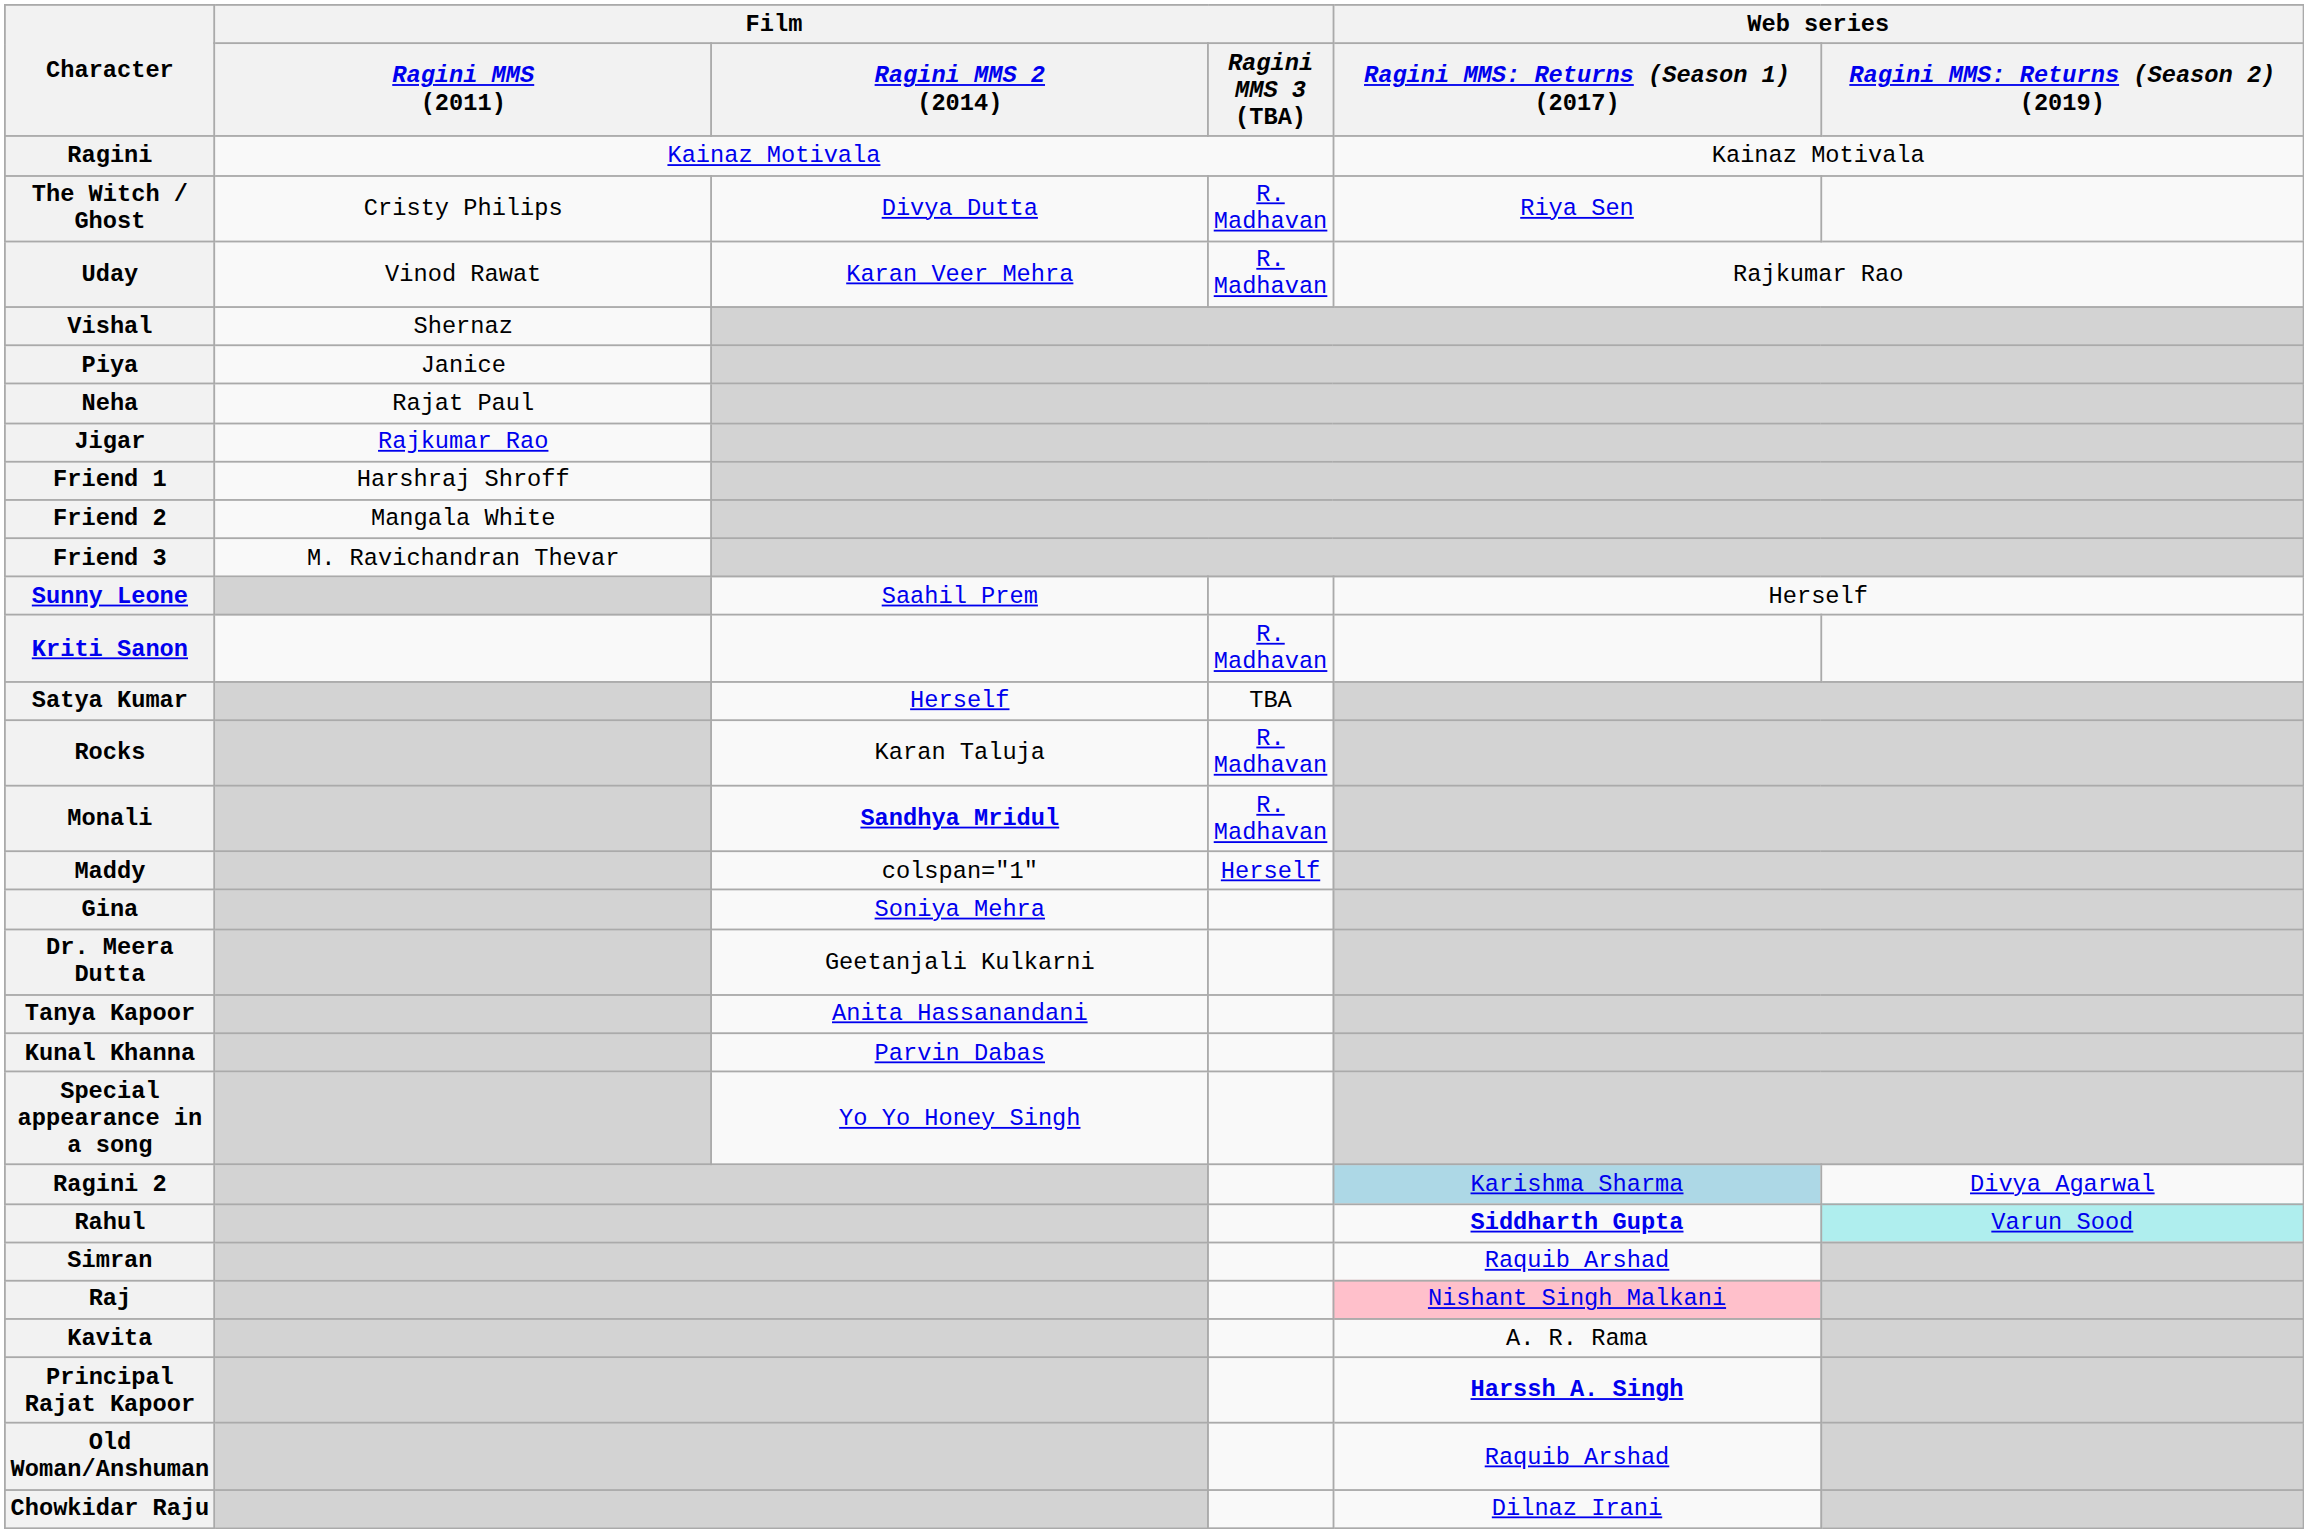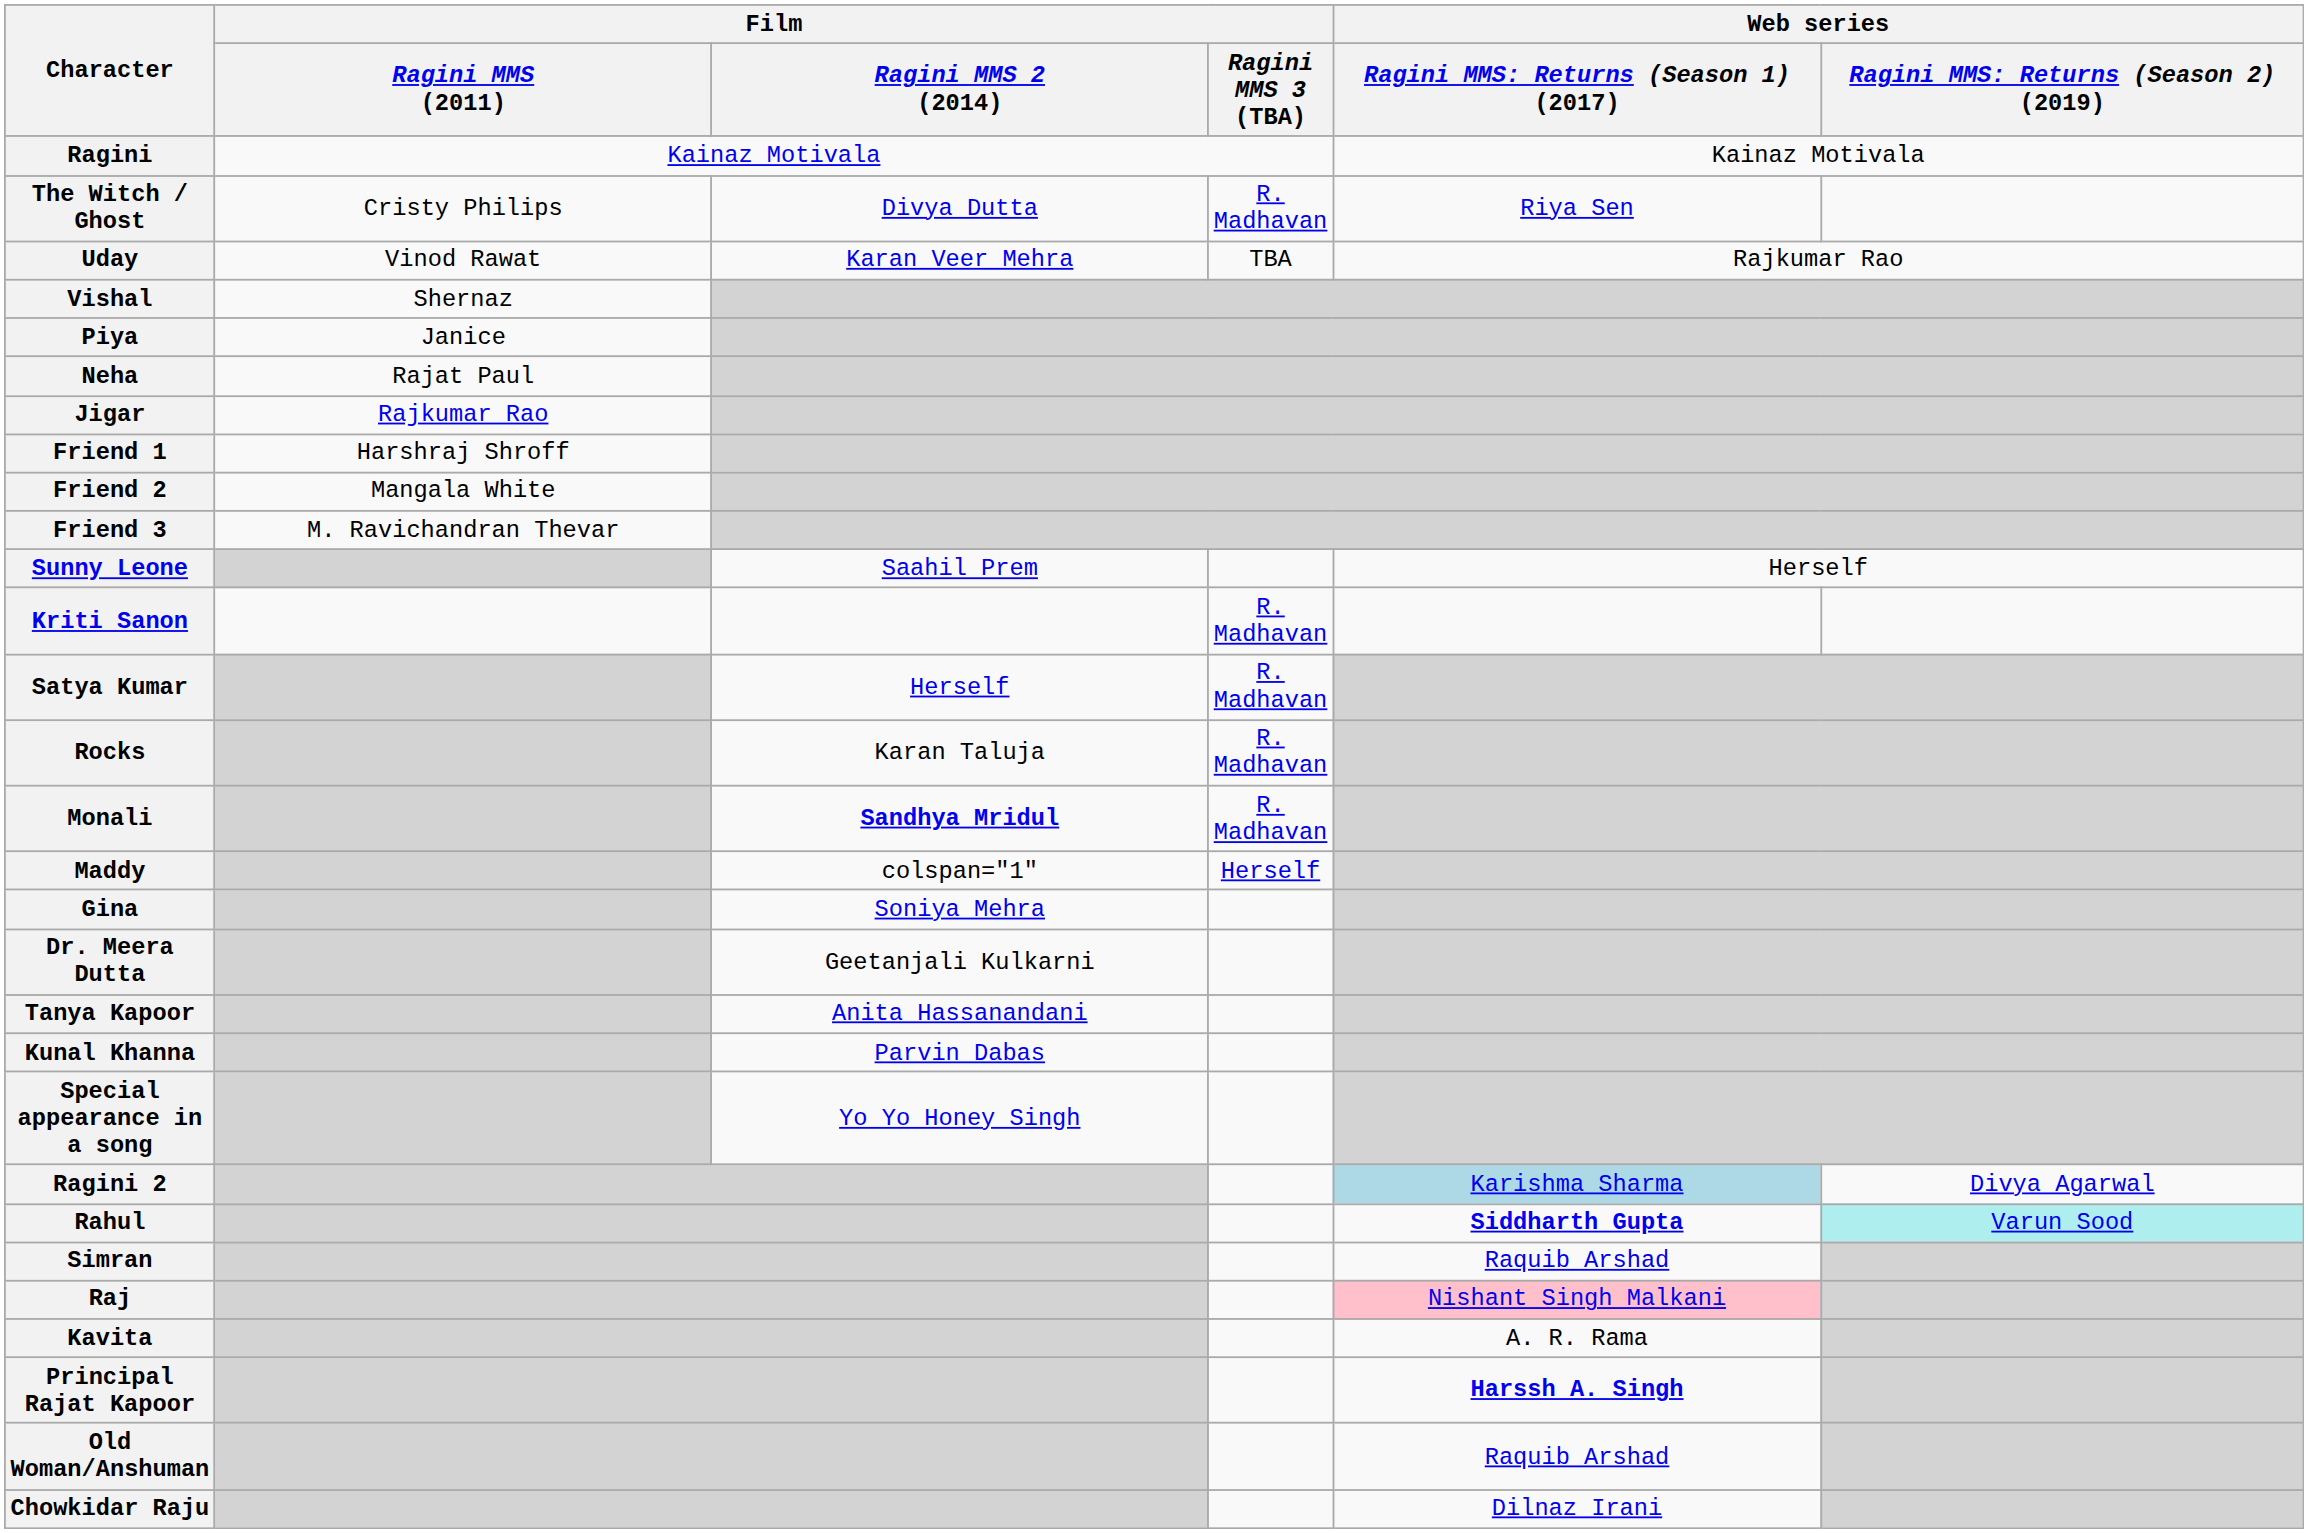 <table class="wikitable" style="text-align:center;" width="100%">
 <tr>
 <th rowspan="2">Character</th>
 <th colspan="3">Film</th>
 <th colspan="2">Web series</th>
 </tr>
 <tr>
 <th style="width:25%;"><em><a href='#'>Ragini MMS</a></em><br>(2011)</th>
 <th style="width:25%;"><em><a href='#'>Ragini MMS 2</a></em><br>(2014)</th>
 <th><em>Ragini MMS 3</em><br>(TBA)</th>
 <th style="width:25%;"><em><a href='#'>Ragini MMS: Returns</a> (Season 1)</em><br>(2017)</th>
 <th style="width:25%;"><em><a href='#'>Ragini MMS: Returns</a> (Season 2)</em><br>(2019)</th>
 </tr>
 <tr>
 <th>Ragini</th>
 <td colspan="3"><a href='#'>Kainaz Motivala</a></td>
 <td colspan="2">Kainaz Motivala<br></td>
 </tr>
 <tr>
 <th>The Witch / Ghost</th>
 <td colspan="1">Cristy Philips</td>
 <td colspan="1"><a href='#'>Divya Dutta</a></td>
 <td><a href='#'>R. Madhavan</a></td>
 <td colspan="1"><a href='#'>Riya Sen</a></td>
 </tr>
 <tr>
 <th>Uday</th>
 <td colspan="1">Vinod Rawat</td>
 <td colspan="1"><a href='#'>Karan Veer Mehra</a></td>
-<td><a href='#'>R. Madhavan</a></td>
+<td>TBA</td>
 <td colspan="2">Rajkumar Rao<br></td>
 </tr>
 <tr>
 <th>Vishal</th>
 <td colspan="1">Shernaz</td>
 <td colspan="4" style="background:#d3d3d3;"></td>
 </tr>
 <tr>
 <th>Piya</th>
 <td colspan="1">Janice</td>
 <td colspan="4" style="background:#d3d3d3;"></td>
 </tr>
 <tr>
 <th>Neha</th>
 <td colspan="1">Rajat Paul</td>
 <td colspan="4" style="background:#d3d3d3;"></td>
 </tr>
 <tr>
 <th>Jigar</th>
 <td colspan="1"><a href='#'>Rajkumar Rao</a></td>
 <td colspan="4" style="background:#d3d3d3;"></td>
 </tr>
 <tr>
 <th>Friend 1</th>
 <td colspan="1">Harshraj Shroff</td>
 <td colspan="4" style="background:#d3d3d3;"></td>
 </tr>
 <tr>
 <th>Friend 2</th>
 <td colspan="1">Mangala White</td>
 <td colspan="4" style="background:#d3d3d3;"></td>
 </tr>
 <tr>
 <th>Friend 3</th>
 <td colspan="1">M. Ravichandran Thevar</td>
 <td colspan="4" style="background:#d3d3d3;"></td>
 </tr>
 <tr>
 <th><a href='#'>Sunny Leone</a></th>
 <td colspan="1" style="background:#d3d3d3;"></td>
 <td colspan="1"><a href='#'>Saahil Prem</a></td>
 <td></td>
 <td colspan="2">Herself<br></td>
 </tr>
 <tr>
 <th><a href='#'>Kriti Sanon</a></th>
 <td></td>
 <td></td>
 <td><a href='#'>R. Madhavan</a></td>
 <td></td>
 <td></td>
 </tr>
 <tr>
 <th>Satya Kumar</th>
 <td colspan="1" style="background:#d3d3d3;"></td>
 <td colspan="1"><a href='#'>Herself</a></td>
-<td>TBA</td>
+<td><a href='#'>R. Madhavan</a></td>
 <td colspan="2" style="background:#d3d3d3;"></td>
 </tr>
 <tr>
 <th>Rocks</th>
 <td colspan="1" style="background:#d3d3d3;"></td>
 <td colspan="1">Karan Taluja</td>
 <td><a href='#'>R. Madhavan</a></td>
 <td colspan="2" style="background:#d3d3d3;"></td>
 </tr>
 <tr>
 <th>Monali</th>
 <td colspan="1" style="background:#d3d3d3;"></td>
 <td colspan="1"><strong><a href='#'>Sandhya Mridul</a></strong></td>
 <td><a href='#'>R. Madhavan</a></td>
 <td colspan="2" style="background:#d3d3d3;"></td>
 </tr>
 <tr>
 <th>Maddy</th>
 <td colspan="1" style="background:#d3d3d3;"></td>
 <td>colspan="1" </td>
 <td><a href='#'>Herself</a></td>
 <td colspan="2" style="background:#d3d3d3;"></td>
 </tr>
 <tr>
 <th>Gina</th>
 <td colspan="1" style="background:#d3d3d3;"></td>
 <td colspan="1"><a href='#'>Soniya Mehra</a></td>
 <td></td>
 <td colspan="2" style="background:#d3d3d3;"></td>
 </tr>
 <tr>
 <th>Dr. Meera Dutta</th>
 <td colspan="1" style="background:#d3d3d3;"></td>
 <td colspan="1">Geetanjali Kulkarni</td>
 <td></td>
 <td colspan="2" style="background:#d3d3d3;"></td>
 </tr>
 <tr>
 <th>Tanya Kapoor</th>
 <td colspan="1" style="background:#d3d3d3;"></td>
 <td colspan="1"><a href='#'>Anita Hassanandani</a></td>
 <td></td>
 <td colspan="2" style="background:#d3d3d3;"></td>
 </tr>
 <tr>
 <th>Kunal Khanna</th>
 <td colspan="1" style="background:#d3d3d3;"></td>
 <td colspan="1"><a href='#'>Parvin Dabas</a></td>
 <td></td>
 <td colspan="2" style="background:#d3d3d3;"></td>
 </tr>
 <tr>
 <th>Special appearance in a song</th>
 <td colspan="1" style="background:#d3d3d3;"></td>
 <td colspan="1"><a href='#'>Yo Yo Honey Singh</a></td>
 <td></td>
 <td colspan="2" style="background:#d3d3d3;"></td>
 </tr>
 <tr>
 <th>Ragini 2</th>
 <td colspan="2" style="background:#d3d3d3;"></td>
 <td></td>
 <td colspan="1" style="background: lightblue;"><a href='#'>Karishma Sharma</a></td>
 <td colspan="1"><a href='#'>Divya Agarwal</a></td>
 </tr>
 <tr>
 <th>Rahul</th>
 <td colspan="2" style="background:#d3d3d3;"></td>
 <td></td>
 <td colspan="1"><strong><a href='#'>Siddharth Gupta</a></strong></td>
 <td colspan="1" style="background: paleturquoise;"><a href='#'>Varun Sood</a></td>
 </tr>
 <tr>
 <th>Simran</th>
 <td colspan="2" style="background:#d3d3d3;"></td>
 <td></td>
 <td colspan="1"><a href='#'>Raquib Arshad</a></td>
 <td colspan="2" style="background:#d3d3d3;"></td>
 </tr>
 <tr>
 <th>Raj</th>
 <td colspan="2" style="background:#d3d3d3;"></td>
 <td></td>
 <td colspan="1" style="background: pink;"><a href='#'>Nishant Singh Malkani</a></td>
 <td colspan="2" style="background:#d3d3d3;"></td>
 </tr>
 <tr>
 <th>Kavita</th>
 <td colspan="2" style="background:#d3d3d3;"></td>
 <td></td>
 <td colspan="1">A. R. Rama</td>
 <td colspan="2" style="background:#d3d3d3;"></td>
 </tr>
 <tr>
 <th>Principal Rajat Kapoor</th>
 <td colspan="2" style="background:#d3d3d3;"></td>
 <td></td>
 <td colspan="1"><strong><a href='#'>Harssh A. Singh</a></strong></td>
 <td colspan="2" style="background:#d3d3d3;"></td>
 </tr>
 <tr>
 <th>Old Woman/Anshuman</th>
 <td colspan="2" style="background:#d3d3d3;"></td>
 <td></td>
 <td colspan="1"><a href='#'>Raquib Arshad</a></td>
 <td colspan="2" style="background:#d3d3d3;"></td>
 </tr>
 <tr>
 <th>Chowkidar Raju</th>
 <td colspan="2" style="background:#d3d3d3;"></td>
 <td></td>
 <td colspan="1"><a href='#'>Dilnaz Irani</a></td>
 <td colspan="2" style="background:#d3d3d3;"></td>
 </tr>
 </table>
